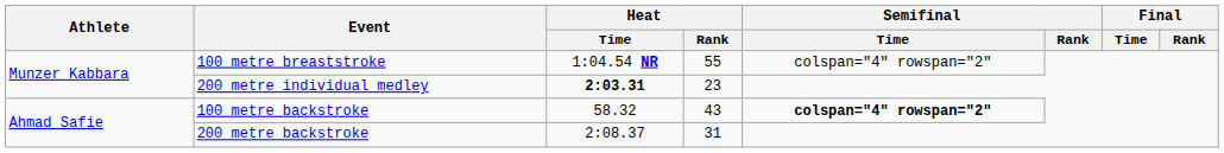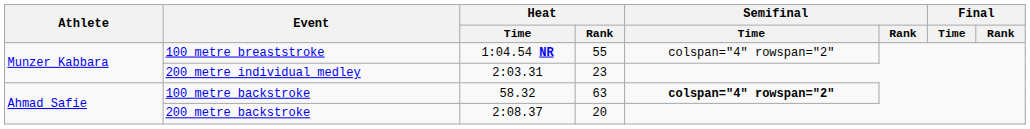 <table class="wikitable" style="text-align:center; font-size:90%; width:50%;">
 <tr>
 <th rowspan="2">Athlete</th>
 <th rowspan="2">Event</th>
 <th colspan="2">Heat</th>
 <th colspan="2">Semifinal</th>
 <th colspan="2">Final</th>
 </tr>
 <tr style="font-size:95%">
 <th>Time</th>
 <th>Rank</th>
 <th>Time</th>
 <th>Rank</th>
 <th>Time</th>
 <th>Rank</th>
 </tr>
 <tr align=center>
 <td align=left rowspan="2"><a href='#'>Munzer Kabbara</a></td>
 <td align=left><a href='#'>100 metre breaststroke</a></td>
 <td>1:04.54  <strong><a href='#'>NR</a></strong></td>
 <td>55</td>
 <td>colspan="4" rowspan="2"</td>
 </tr>
 <tr align=center>
 <td align=left><a href='#'>200 metre individual medley</a></td>
-<td><strong>2:03.31</strong></td>
+<td>2:03.31</td>
 <td>23</td>
 </tr>
 <tr align=center>
 <td align=left rowspan="2"><a href='#'>Ahmad Safie</a></td>
 <td align=left><a href='#'>100 metre backstroke</a></td>
 <td>58.32</td>
-<td>43</td>
+<td>63</td>
 <td><strong>colspan="4" rowspan="2"</strong></td>
 </tr>
 <tr align=center>
 <td align=left><a href='#'>200 metre backstroke</a></td>
 <td>2:08.37</td>
-<td>31</td>
+<td>20</td>
 </tr>
 </table>
